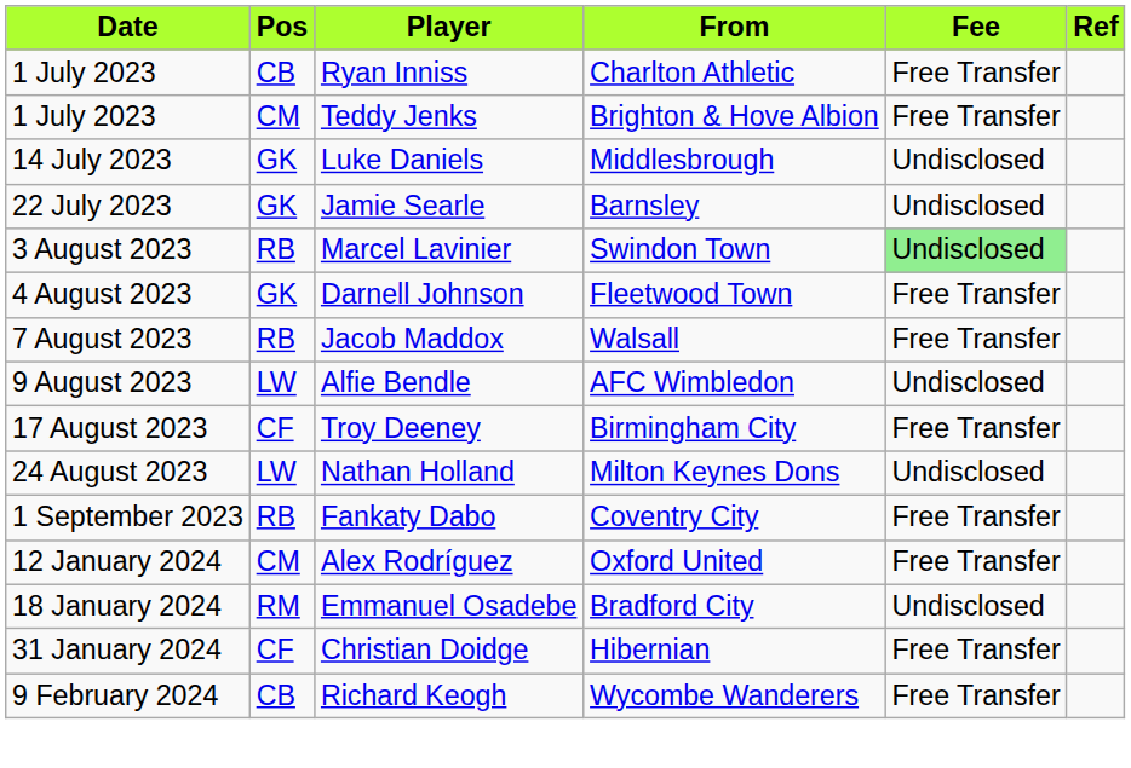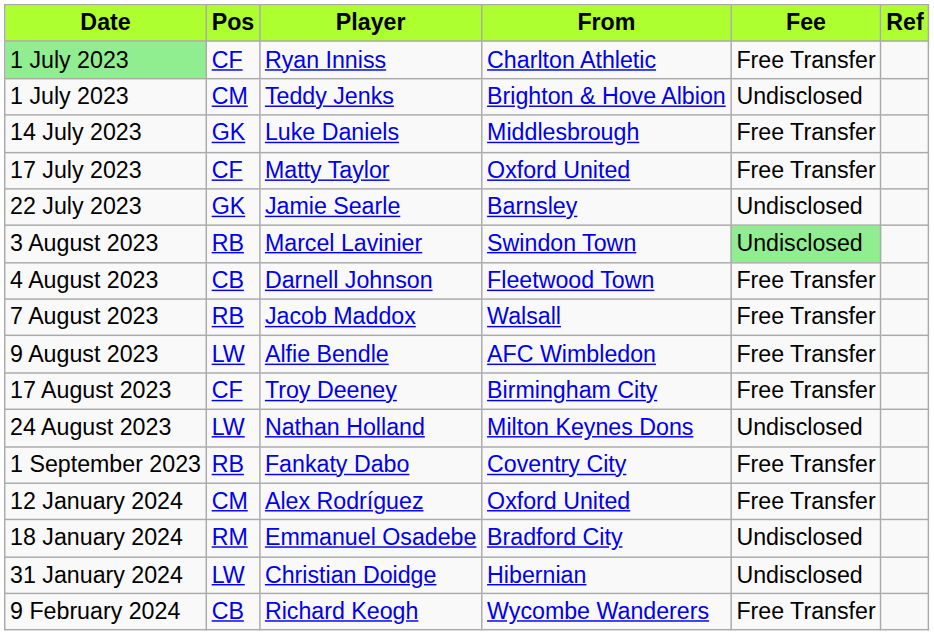 <table class="wikitable plainrowheaders sortable">
 <tr>
 <th style="background:#ADFF2F;color:black;">Date</th>
 <th style="background:#ADFF2F;color:black;">Pos</th>
 <th style="background:#ADFF2F;color:black;">Player</th>
 <th style="background:#ADFF2F;color:black;">From</th>
 <th style="background:#ADFF2F;color:black;">Fee</th>
 <th style="background:#ADFF2F;color:black;">Ref</th>
 </tr>
 <tr>
-<td>1 July 2023</td>
-<td><a href='#'>CB</a></td>
+<td style="background: lightgreen;">1 July 2023</td>
+<td><a href='#'>CF</a></td>
 <td> <a href='#'>Ryan Inniss</a></td>
 <td> <a href='#'>Charlton Athletic</a></td>
 <td>Free Transfer</td>
 <td></td>
 </tr>
 <tr>
 <td>1 July 2023</td>
 <td><a href='#'>CM</a></td>
 <td> <a href='#'>Teddy Jenks</a></td>
 <td> <a href='#'>Brighton & Hove Albion</a></td>
-<td>Free Transfer</td>
+<td>Undisclosed</td>
 <td></td>
 </tr>
 <tr>
 <td>14 July 2023</td>
 <td><a href='#'>GK</a></td>
 <td> <a href='#'>Luke Daniels</a></td>
 <td> <a href='#'>Middlesbrough</a></td>
-<td>Undisclosed</td>
+<td>Free Transfer</td>
+<td></td>
+</tr>
+<tr>
+<td>17 July 2023</td>
+<td><a href='#'>CF</a></td>
+<td> <a href='#'>Matty Taylor</a></td>
+<td> <a href='#'>Oxford United</a></td>
+<td>Free Transfer</td>
 <td></td>
 </tr>
 <tr>
 <td>22 July 2023</td>
 <td><a href='#'>GK</a></td>
 <td> <a href='#'>Jamie Searle</a></td>
 <td> <a href='#'>Barnsley</a></td>
 <td>Undisclosed</td>
 <td></td>
 </tr>
 <tr>
 <td>3 August 2023</td>
 <td><a href='#'>RB</a></td>
 <td> <a href='#'>Marcel Lavinier</a></td>
 <td> <a href='#'>Swindon Town</a></td>
 <td style="background: lightgreen;">Undisclosed</td>
 <td></td>
 </tr>
 <tr>
 <td>4 August 2023</td>
-<td><a href='#'>GK</a></td>
+<td><a href='#'>CB</a></td>
 <td> <a href='#'>Darnell Johnson</a></td>
 <td> <a href='#'>Fleetwood Town</a></td>
 <td>Free Transfer</td>
 <td></td>
 </tr>
 <tr>
 <td>7 August 2023</td>
 <td><a href='#'>RB</a></td>
 <td> <a href='#'>Jacob Maddox</a></td>
 <td> <a href='#'>Walsall</a></td>
 <td>Free Transfer</td>
 <td></td>
 </tr>
 <tr>
 <td>9 August 2023</td>
 <td><a href='#'>LW</a></td>
 <td> <a href='#'>Alfie Bendle</a></td>
 <td> <a href='#'>AFC Wimbledon</a></td>
-<td>Undisclosed</td>
+<td>Free Transfer</td>
 <td></td>
 </tr>
 <tr>
 <td>17 August 2023</td>
 <td><a href='#'>CF</a></td>
 <td> <a href='#'>Troy Deeney</a></td>
 <td> <a href='#'>Birmingham City</a></td>
 <td>Free Transfer</td>
 <td></td>
 </tr>
 <tr>
 <td>24 August 2023</td>
 <td><a href='#'>LW</a></td>
 <td> <a href='#'>Nathan Holland</a></td>
 <td> <a href='#'>Milton Keynes Dons</a></td>
 <td>Undisclosed</td>
 <td></td>
 </tr>
 <tr>
 <td>1 September 2023</td>
 <td><a href='#'>RB</a></td>
 <td> <a href='#'>Fankaty Dabo</a></td>
 <td> <a href='#'>Coventry City</a></td>
 <td>Free Transfer</td>
 <td></td>
 </tr>
 <tr>
 <td>12 January 2024</td>
 <td><a href='#'>CM</a></td>
 <td> <a href='#'>Alex Rodríguez</a></td>
 <td> <a href='#'>Oxford United</a></td>
 <td>Free Transfer</td>
 <td></td>
 </tr>
 <tr>
 <td>18 January 2024</td>
 <td><a href='#'>RM</a></td>
 <td> <a href='#'>Emmanuel Osadebe</a></td>
 <td> <a href='#'>Bradford City</a></td>
 <td>Undisclosed</td>
 <td></td>
 </tr>
 <tr>
 <td>31 January 2024</td>
-<td><a href='#'>CF</a></td>
+<td><a href='#'>LW</a></td>
 <td> <a href='#'>Christian Doidge</a></td>
 <td> <a href='#'>Hibernian</a></td>
-<td>Free Transfer</td>
+<td>Undisclosed</td>
 <td></td>
 </tr>
 <tr>
 <td>9 February 2024</td>
 <td><a href='#'>CB</a></td>
 <td> <a href='#'>Richard Keogh</a></td>
 <td> <a href='#'>Wycombe Wanderers</a></td>
 <td>Free Transfer</td>
 <td></td>
 </tr>
 </table>
